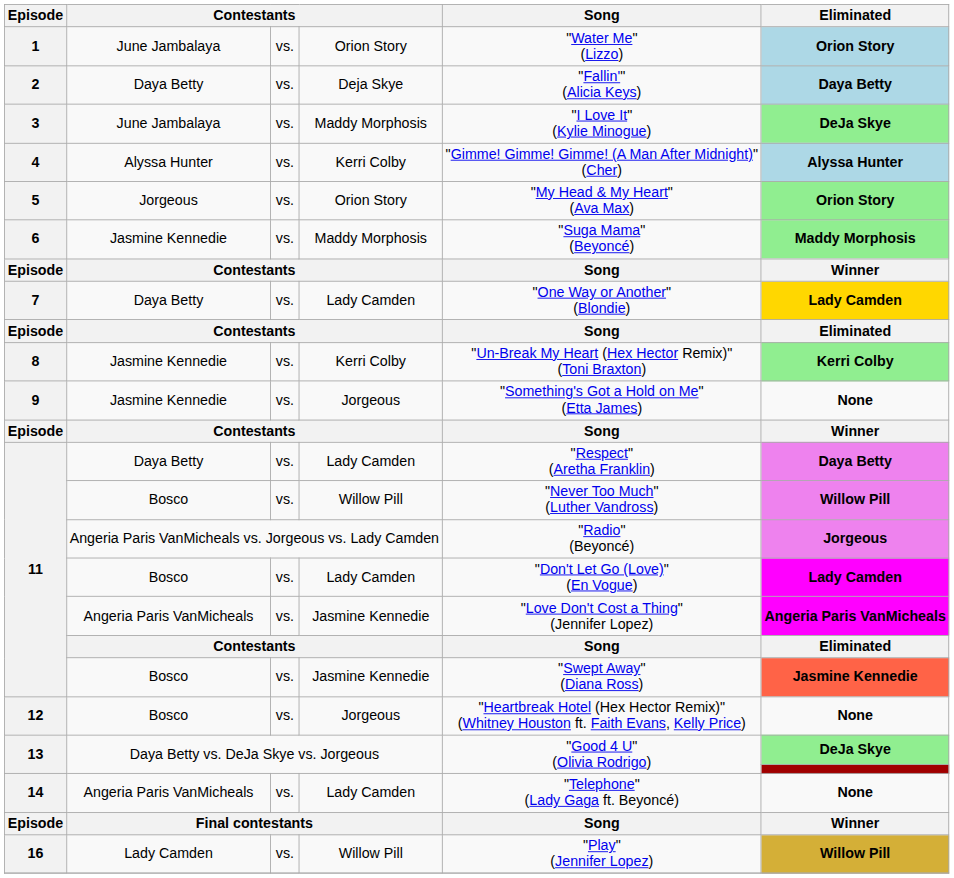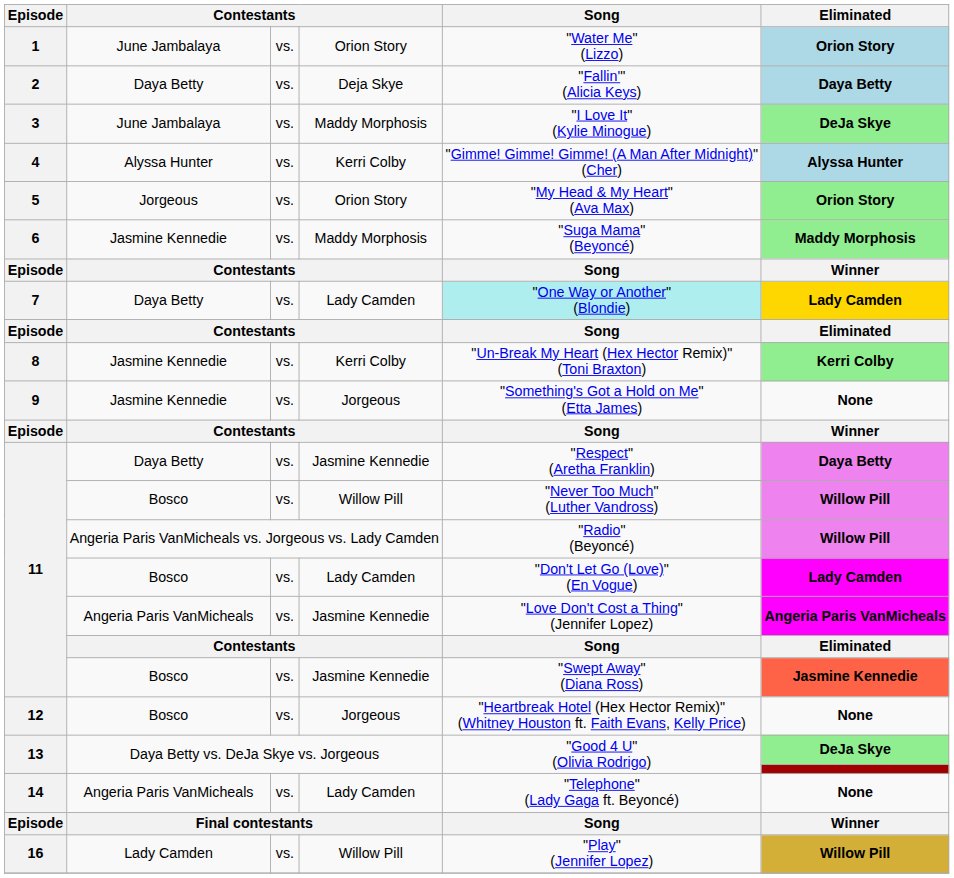 <table class="wikitable" style="text-align:center">
 <tr>
 <th scope="col">Episode</th>
 <th scope="col" colspan="3">Contestants</th>
 <th scope="col">Song</th>
 <th scope="col">Eliminated</th>
 </tr>
 <tr>
 <th scope="row">1</th>
 <td>June Jambalaya</td>
 <td>vs.</td>
 <td>Orion Story</td>
 <td>"<a href='#'>Water Me</a>"<br>(<a href='#'>Lizzo</a>)</td>
 <td bgcolor="lightblue"><strong>Orion Story</strong></td>
 </tr>
 <tr>
 <th scope="row">2</th>
 <td>Daya Betty</td>
 <td>vs.</td>
 <td>Deja Skye</td>
 <td>"<a href='#'>Fallin'</a>"<br>(<a href='#'>Alicia Keys</a>)</td>
 <td bgcolor="lightblue"><strong>Daya Betty</strong></td>
 </tr>
 <tr>
 <th scope="row">3</th>
 <td>June Jambalaya</td>
 <td>vs.</td>
 <td nowrap>Maddy Morphosis</td>
 <td>"<a href='#'>I Love It</a>"<br>(<a href='#'>Kylie Minogue</a>)</td>
 <td bgcolor="lightgreen"><strong>DeJa Skye</strong></td>
 </tr>
 <tr>
 <th scope="row">4</th>
 <td>Alyssa Hunter</td>
 <td>vs.</td>
 <td>Kerri Colby</td>
 <td nowrap>"<a href='#'>Gimme! Gimme! Gimme! (A Man After Midnight)</a>"<br>(<a href='#'>Cher</a>)</td>
 <td bgcolor="lightblue"><strong>Alyssa Hunter</strong></td>
 </tr>
 <tr>
 <th scope="row">5</th>
 <td>Jorgeous</td>
 <td>vs.</td>
 <td>Orion Story</td>
 <td>"<a href='#'>My Head & My Heart</a>"<br>(<a href='#'>Ava Max</a>)</td>
 <td bgcolor="lightgreen"><strong>Orion Story</strong></td>
 </tr>
 <tr>
 <th scope="row">6</th>
 <td>Jasmine Kennedie</td>
 <td>vs.</td>
 <td>Maddy Morphosis</td>
 <td>"<a href='#'>Suga Mama</a>"<br>(<a href='#'>Beyoncé</a>)</td>
 <td bgcolor="lightgreen"><strong>Maddy Morphosis</strong></td>
 </tr>
 <tr>
 <th scope="col">Episode</th>
 <th scope="col" colspan="3">Contestants</th>
 <th scope="col">Song</th>
 <th scope="col">Winner</th>
 </tr>
 <tr>
 <th scope="row">7</th>
 <td>Daya Betty</td>
 <td>vs.</td>
 <td>Lady Camden</td>
-<td>"<a href='#'>One Way or Another</a>"<br>(<a href='#'>Blondie</a>)</td>
+<td style="background: paleturquoise;">"<a href='#'>One Way or Another</a>"<br>(<a href='#'>Blondie</a>)</td>
 <td bgcolor="gold"><strong>Lady Camden</strong></td>
 </tr>
 <tr>
 <th scope="col">Episode</th>
 <th scope="col" colspan="3">Contestants</th>
 <th scope="col">Song</th>
 <th scope="col">Eliminated</th>
 </tr>
 <tr>
 <th scope="row">8</th>
 <td>Jasmine Kennedie</td>
 <td>vs.</td>
 <td>Kerri Colby</td>
 <td>"<a href='#'>Un-Break My Heart</a> (<a href='#'>Hex Hector</a> Remix)"<br>(<a href='#'>Toni Braxton</a>)</td>
 <td bgcolor="lightgreen"><strong>Kerri Colby</strong></td>
 </tr>
 <tr>
 <th scope="row">9</th>
 <td>Jasmine Kennedie</td>
 <td>vs.</td>
 <td>Jorgeous</td>
 <td>"<a href='#'>Something's Got a Hold on Me</a>"<br>(<a href='#'>Etta James</a>)</td>
 <td><strong>None</strong></td>
 </tr>
 <tr>
 <th scope="col">Episode</th>
 <th scope="col" colspan="3">Contestants</th>
 <th scope="col">Song</th>
 <th scope="col">Winner</th>
 </tr>
 <tr>
 <th rowspan="7">11</th>
 <td>Daya Betty</td>
 <td>vs.</td>
-<td>Lady Camden</td>
+<td nowrap>Jasmine Kennedie</td>
 <td>"<a href='#'>Respect</a>"<br>(<a href='#'>Aretha Franklin</a>)</td>
 <td bgcolor="violet"><strong>Daya Betty</strong></td>
 </tr>
 <tr>
 <td>Bosco</td>
 <td>vs.</td>
 <td>Willow Pill</td>
 <td>"<a href='#'>Never Too Much</a>"<br>(<a href='#'>Luther Vandross</a>)</td>
 <td bgcolor="violet"><strong>Willow Pill</strong></td>
 </tr>
 <tr>
 <td colspan="3">Angeria Paris VanMicheals vs. Jorgeous vs. Lady Camden</td>
 <td>"<a href='#'>Radio</a>"<br>(Beyoncé)</td>
-<td bgcolor="violet"><strong>Jorgeous</strong></td>
+<td bgcolor="violet"><strong>Willow Pill</strong></td>
 </tr>
 <tr>
 <td>Bosco</td>
 <td>vs.</td>
 <td>Lady Camden</td>
 <td>"<a href='#'>Don't Let Go (Love)</a>"<br>(<a href='#'>En Vogue</a>)</td>
 <td bgcolor="fuchsia"><strong>Lady Camden</strong></td>
 </tr>
 <tr>
 <td nowrap>Angeria Paris VanMicheals</td>
 <td>vs.</td>
 <td>Jasmine Kennedie</td>
 <td>"<a href='#'>Love Don't Cost a Thing</a>"<br>(Jennifer Lopez)</td>
 <td nowrap bgcolor="fuchsia"><strong>Angeria Paris VanMicheals</strong></td>
 </tr>
 <tr>
 <th scope="col" colspan="3">Contestants</th>
 <th scope="col">Song</th>
 <th scope="col">Eliminated</th>
 </tr>
 <tr>
 <td>Bosco</td>
 <td>vs.</td>
 <td>Jasmine Kennedie</td>
 <td>"<a href='#'>Swept Away</a>"<br>(<a href='#'>Diana Ross</a>)</td>
 <td bgcolor="tomato"><strong>Jasmine Kennedie</strong></td>
 </tr>
 <tr>
 <th>12</th>
 <td>Bosco</td>
 <td>vs.</td>
 <td>Jorgeous</td>
 <td>"<a href='#'>Heartbreak Hotel</a> (Hex Hector Remix)"<br>(<a href='#'>Whitney Houston</a> ft. <a href='#'>Faith Evans</a>, <a href='#'>Kelly Price</a>)</td>
 <td><strong>None</strong></td>
 </tr>
 <tr>
 <th rowspan="2">13</th>
 <td rowspan="2" colspan="3">Daya Betty vs. DeJa Skye vs. Jorgeous</td>
 <td rowspan="2">"<a href='#'>Good 4 U</a>"<br>(<a href='#'>Olivia Rodrigo</a>)</td>
 <td bgcolor="lightgreen"><strong>DeJa Skye</strong></td>
 </tr>
 <tr>
 <td bgcolor="maroon”"><strong></strong></td>
 </tr>
 <tr>
 <th scope="row">14</th>
 <td>Angeria Paris VanMicheals</td>
 <td>vs.</td>
 <td>Lady Camden</td>
 <td>"<a href='#'>Telephone</a>"<br>(<a href='#'>Lady Gaga</a> ft. Beyoncé)</td>
 <td><strong>None</strong></td>
 </tr>
 <tr>
 <th scope="col">Episode</th>
 <th scope="col" colspan="3">Final contestants</th>
 <th scope="col">Song</th>
 <th scope="col">Winner</th>
 </tr>
 <tr>
 <th scope="row">16</th>
 <td>Lady Camden</td>
 <td>vs.</td>
 <td>Willow Pill</td>
 <td>"<a href='#'>Play</a>"<br>(<a href='#'>Jennifer Lopez</a>)</td>
 <td bgcolor="#D4AF37"><strong>Willow Pill</strong></td>
 </tr>
 <tr>
 </tr>
 </table>
